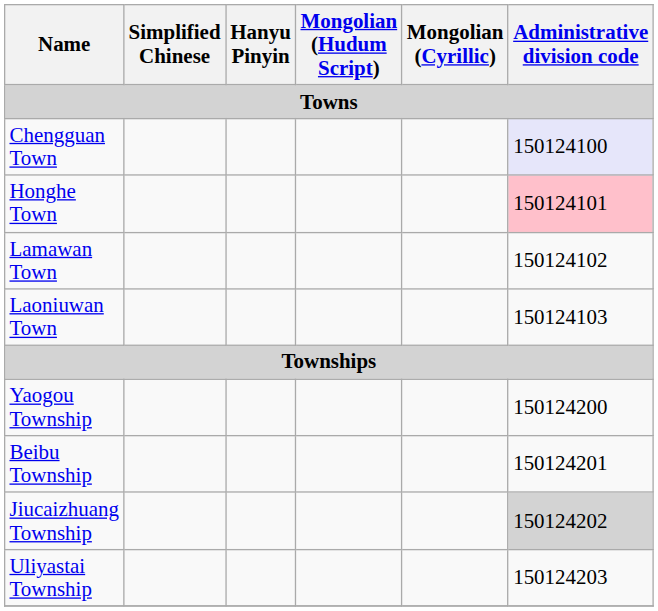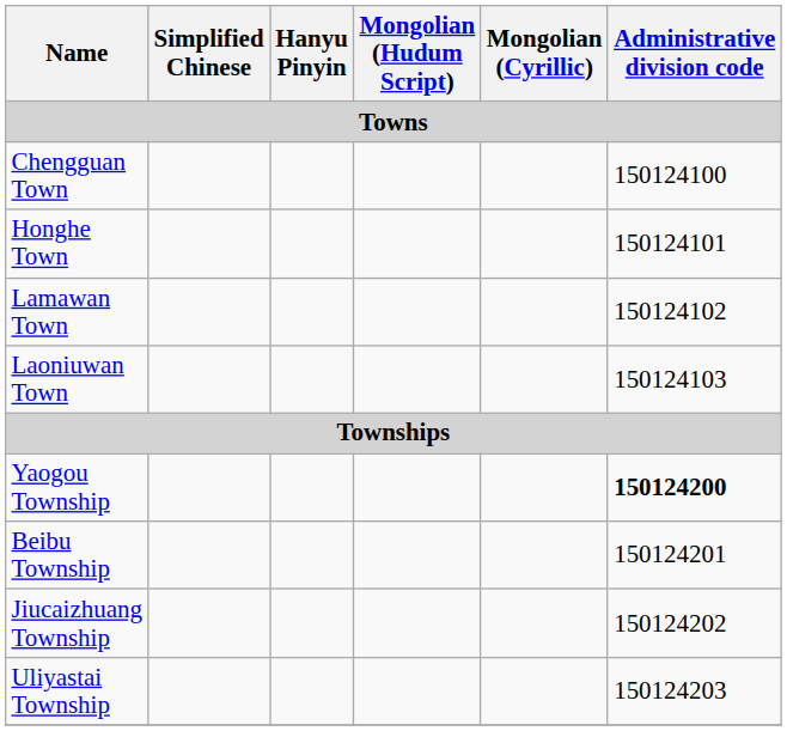 <table class="wikitable" align="center" style="width:50%; border="1">
 <tr>
 <th>Name</th>
 <th>Simplified Chinese</th>
 <th>Hanyu Pinyin</th>
 <th><a href='#'>Mongolian</a> (<a href='#'>Hudum Script</a>)</th>
 <th>Mongolian (<a href='#'>Cyrillic</a>)</th>
 <th><a href='#'>Administrative division code</a></th>
 </tr>
 <tr>
 <td colspan="6"  style="text-align:center; background:#d3d3d3;"><strong>Towns</strong></td>
 </tr>
 <tr --------->
 <td><a href='#'>Chengguan Town</a></td>
 <td></td>
 <td></td>
 <td></td>
 <td></td>
-<td style="background: lavender;">150124100</td>
+<td>150124100</td>
 </tr>
 <tr>
 <td><a href='#'>Honghe Town</a></td>
 <td></td>
 <td></td>
 <td></td>
 <td></td>
-<td style="background: pink;">150124101</td>
+<td>150124101</td>
 </tr>
 <tr>
 <td><a href='#'>Lamawan Town</a></td>
 <td></td>
 <td></td>
 <td></td>
 <td></td>
 <td>150124102</td>
 </tr>
 <tr>
 <td><a href='#'>Laoniuwan Town</a></td>
 <td></td>
 <td></td>
 <td></td>
 <td></td>
 <td>150124103</td>
 </tr>
 <tr>
 <td colspan="6"  style="text-align:center; background:#d3d3d3;"><strong>Townships</strong></td>
 </tr>
 <tr --------->
 <td><a href='#'>Yaogou Township</a></td>
 <td></td>
 <td></td>
 <td></td>
 <td></td>
-<td>150124200</td>
+<td><strong>150124200</strong></td>
 </tr>
 <tr>
 <td><a href='#'>Beibu Township</a></td>
 <td></td>
 <td></td>
 <td></td>
 <td></td>
 <td>150124201</td>
 </tr>
 <tr>
 <td><a href='#'>Jiucaizhuang Township</a></td>
 <td></td>
 <td></td>
 <td></td>
 <td></td>
-<td style="background: lightgrey;">150124202</td>
+<td>150124202</td>
 </tr>
 <tr>
 <td><a href='#'>Uliyastai Township</a></td>
 <td></td>
 <td></td>
 <td></td>
 <td></td>
 <td>150124203</td>
 </tr>
 <tr>
 </tr>
 </table>
